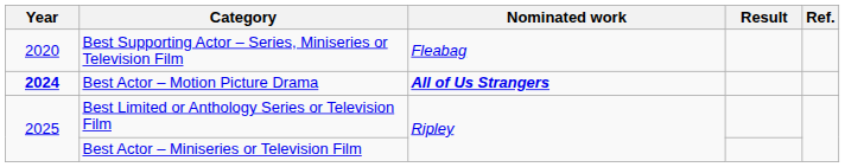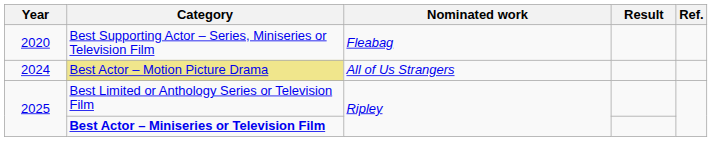 <table class=wikitable>
 <tr>
 <th scope="col" style="width:5em;">Year</th>
 <th scope="col" style="width:26em;">Category</th>
 <th scope="col" style="width:25em;">Nominated work</th>
 <th scope="col" style="width:5em;">Result</th>
 <th>Ref.</th>
 </tr>
 <tr>
 <td style="text-align:center;"><a href='#'>2020</a></td>
 <td><a href='#'>Best Supporting Actor – Series, Miniseries or Television Film</a></td>
 <td><em><a href='#'>Fleabag</a></em></td>
 <td></td>
 <td></td>
 </tr>
 <tr>
-<td style="text-align:center;"><strong><a href='#'>2024</a></strong></td>
-<td><a href='#'>Best Actor – Motion Picture Drama</a></td>
-<td><strong><em><a href='#'>All of Us Strangers</a></em></strong></td>
+<td style="text-align:center;"><a href='#'>2024</a></td>
+<td style="background: khaki;"><a href='#'>Best Actor – Motion Picture Drama</a></td>
+<td><em><a href='#'>All of Us Strangers</a></em></td>
 <td></td>
 <td></td>
 </tr>
 <tr>
 <td style="text-align:center;", rowspan="2"><a href='#'>2025</a></td>
 <td><a href='#'>Best Limited or Anthology Series or Television Film</a></td>
 <td rowspan="2"><em><a href='#'>Ripley</a></em></td>
 <td></td>
 <td rowspan="2"></td>
 </tr>
 <tr>
-<td><a href='#'>Best Actor – Miniseries or Television Film</a></td>
+<td><strong><a href='#'>Best Actor – Miniseries or Television Film</a></strong></td>
 <td></td>
 </tr>
 </table>
